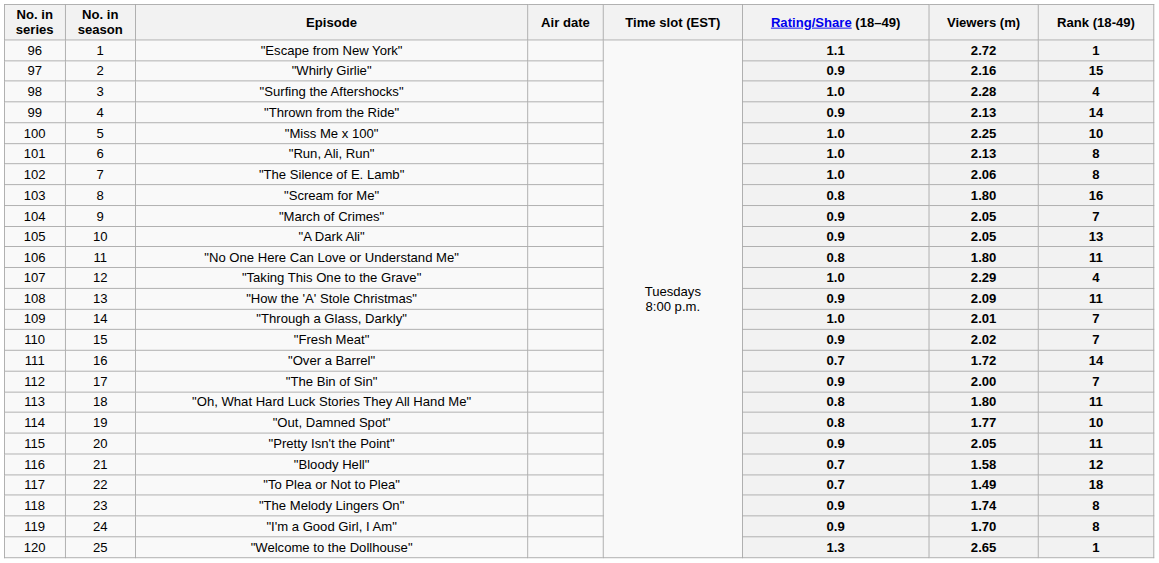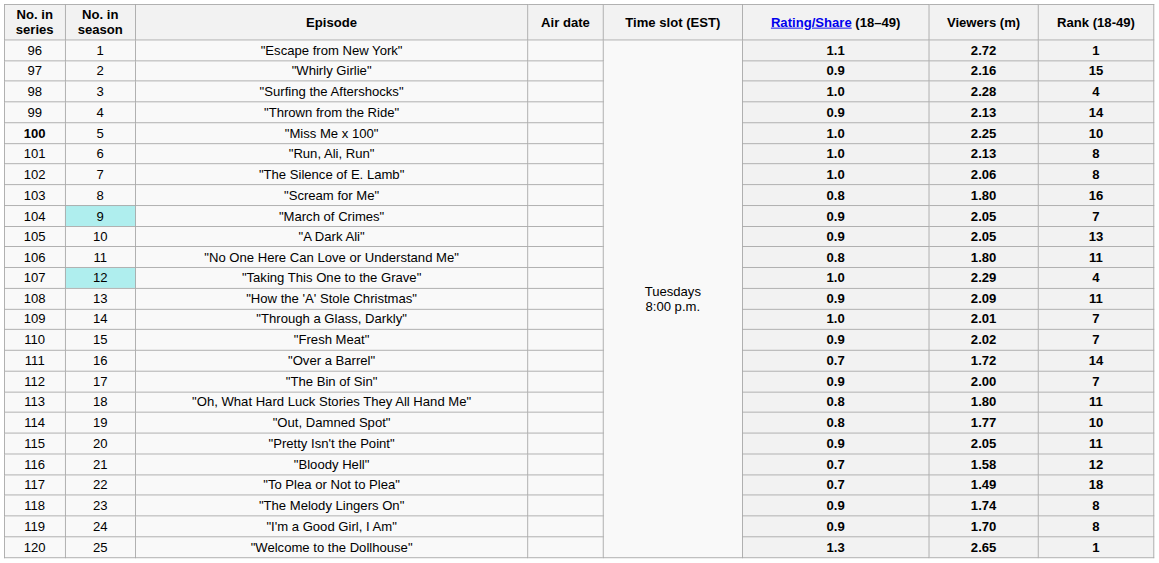 <table class="wikitable" style="font-size:90%; text-align:center; width: 100%; margin-left: auto; margin-right: auto;">
 <tr>
 <th>No. in<br>series</th>
 <th>No. in<br>season</th>
 <th>Episode</th>
 <th>Air date</th>
 <th>Time slot (EST)</th>
 <th><a href='#'>Rating/Share</a> (18–49)</th>
 <th>Viewers (m)</th>
 <th>Rank (18-49)</th>
 </tr>
 <tr>
 <td style="text-align:center">96</td>
 <td style="text-align:center">1</td>
 <td>"Escape from New York"</td>
 <td></td>
 <td style="text-align:center" rowspan=25>Tuesdays<br>8:00 p.m.</td>
 <th>1.1</th>
 <th>2.72</th>
 <th>1</th>
 </tr>
 <tr>
 <td style="text-align:center">97</td>
 <td style="text-align:center">2</td>
 <td>"Whirly Girlie"</td>
 <td></td>
 <th>0.9</th>
 <th>2.16</th>
 <th>15</th>
 </tr>
 <tr>
 <td style="text-align:center">98</td>
 <td style="text-align:center">3</td>
 <td>"Surfing the Aftershocks"</td>
 <td></td>
 <th>1.0</th>
 <th>2.28</th>
 <th>4</th>
 </tr>
 <tr>
 <td style="text-align:center">99</td>
 <td style="text-align:center">4</td>
 <td>"Thrown from the Ride"</td>
 <td></td>
 <th>0.9</th>
 <th>2.13</th>
 <th>14</th>
 </tr>
 <tr>
-<td style="text-align:center">100</td>
+<td style="text-align:center"><strong>100</strong></td>
 <td style="text-align:center">5</td>
 <td>"Miss Me x 100"</td>
 <td></td>
 <th>1.0</th>
 <th>2.25</th>
 <th>10</th>
 </tr>
 <tr>
 <td style="text-align:center">101</td>
 <td style="text-align:center">6</td>
 <td>"Run, Ali, Run"</td>
 <td></td>
 <th>1.0</th>
 <th>2.13</th>
 <th>8</th>
 </tr>
 <tr>
 <td style="text-align:center">102</td>
 <td style="text-align:center">7</td>
 <td>"The Silence of E. Lamb"</td>
 <td></td>
 <th>1.0</th>
 <th>2.06</th>
 <th>8</th>
 </tr>
 <tr>
 <td style="text-align:center">103</td>
 <td style="text-align:center">8</td>
 <td>"Scream for Me"</td>
 <td></td>
 <th>0.8</th>
 <th>1.80</th>
 <th>16</th>
 </tr>
 <tr>
 <td style="text-align:center">104</td>
-<td style="text-align:center">9</td>
+<td style="background: paleturquoise; text-align:center">9</td>
 <td>"March of Crimes"</td>
 <td></td>
 <th>0.9</th>
 <th>2.05</th>
 <th>7</th>
 </tr>
 <tr>
 <td style="text-align:center">105</td>
 <td style="text-align:center">10</td>
 <td>"A Dark Ali"</td>
 <td></td>
 <th>0.9</th>
 <th>2.05</th>
 <th>13</th>
 </tr>
 <tr>
 <td style="text-align:center">106</td>
 <td style="text-align:center">11</td>
 <td>"No One Here Can Love or Understand Me"</td>
 <td></td>
 <th>0.8</th>
 <th>1.80</th>
 <th>11</th>
 </tr>
 <tr>
 <td style="text-align:center">107</td>
-<td style="text-align:center">12</td>
+<td style="background: paleturquoise; text-align:center">12</td>
 <td>"Taking This One to the Grave"</td>
 <td></td>
 <th>1.0</th>
 <th>2.29</th>
 <th>4</th>
 </tr>
 <tr>
 <td style="text-align:center">108</td>
 <td style="text-align:center">13</td>
 <td>"How the 'A' Stole Christmas"</td>
 <td></td>
 <th>0.9</th>
 <th>2.09</th>
 <th>11</th>
 </tr>
 <tr>
 <td style="text-align:center">109</td>
 <td style="text-align:center">14</td>
 <td>"Through a Glass, Darkly"</td>
 <td></td>
 <th>1.0</th>
 <th>2.01</th>
 <th>7</th>
 </tr>
 <tr>
 <td style="text-align:center">110</td>
 <td style="text-align:center">15</td>
 <td>"Fresh Meat"</td>
 <td></td>
 <th>0.9</th>
 <th>2.02</th>
 <th>7</th>
 </tr>
 <tr>
 <td style="text-align:center">111</td>
 <td style="text-align:center">16</td>
 <td>"Over a Barrel"</td>
 <td></td>
 <th>0.7</th>
 <th>1.72</th>
 <th>14</th>
 </tr>
 <tr>
 <td style="text-align:center">112</td>
 <td style="text-align:center">17</td>
 <td>"The Bin of Sin"</td>
 <td></td>
 <th>0.9</th>
 <th>2.00</th>
 <th>7</th>
 </tr>
 <tr>
 <td style="text-align:center">113</td>
 <td style="text-align:center">18</td>
 <td>"Oh, What Hard Luck Stories They All Hand Me"</td>
 <td></td>
 <th>0.8</th>
 <th>1.80</th>
 <th>11</th>
 </tr>
 <tr>
 <td style="text-align:center">114</td>
 <td style="text-align:center">19</td>
 <td>"Out, Damned Spot"</td>
 <td></td>
 <th>0.8</th>
 <th>1.77</th>
 <th>10</th>
 </tr>
 <tr>
 <td style="text-align:center">115</td>
 <td style="text-align:center">20</td>
 <td>"Pretty Isn't the Point"</td>
 <td></td>
 <th>0.9</th>
 <th>2.05</th>
 <th>11</th>
 </tr>
 <tr>
 <td style="text-align:center">116</td>
 <td style="text-align:center">21</td>
 <td>"Bloody Hell"</td>
 <td></td>
 <th>0.7</th>
 <th>1.58</th>
 <th>12</th>
 </tr>
 <tr>
 <td style="text-align:center">117</td>
 <td style="text-align:center">22</td>
 <td>"To Plea or Not to Plea"</td>
 <td></td>
 <th>0.7</th>
 <th>1.49</th>
 <th>18</th>
 </tr>
 <tr>
 <td style="text-align:center">118</td>
 <td style="text-align:center">23</td>
 <td>"The Melody Lingers On"</td>
 <td></td>
 <th>0.9</th>
 <th>1.74</th>
 <th>8</th>
 </tr>
 <tr>
 <td style="text-align:center">119</td>
 <td style="text-align:center">24</td>
 <td>"I'm a Good Girl, I Am"</td>
 <td></td>
 <th>0.9</th>
 <th>1.70</th>
 <th>8</th>
 </tr>
 <tr>
 <td style="text-align:center">120</td>
 <td style="text-align:center">25</td>
 <td>"Welcome to the Dollhouse"</td>
 <td></td>
 <th>1.3</th>
 <th>2.65</th>
 <th>1</th>
 </tr>
 </table>
